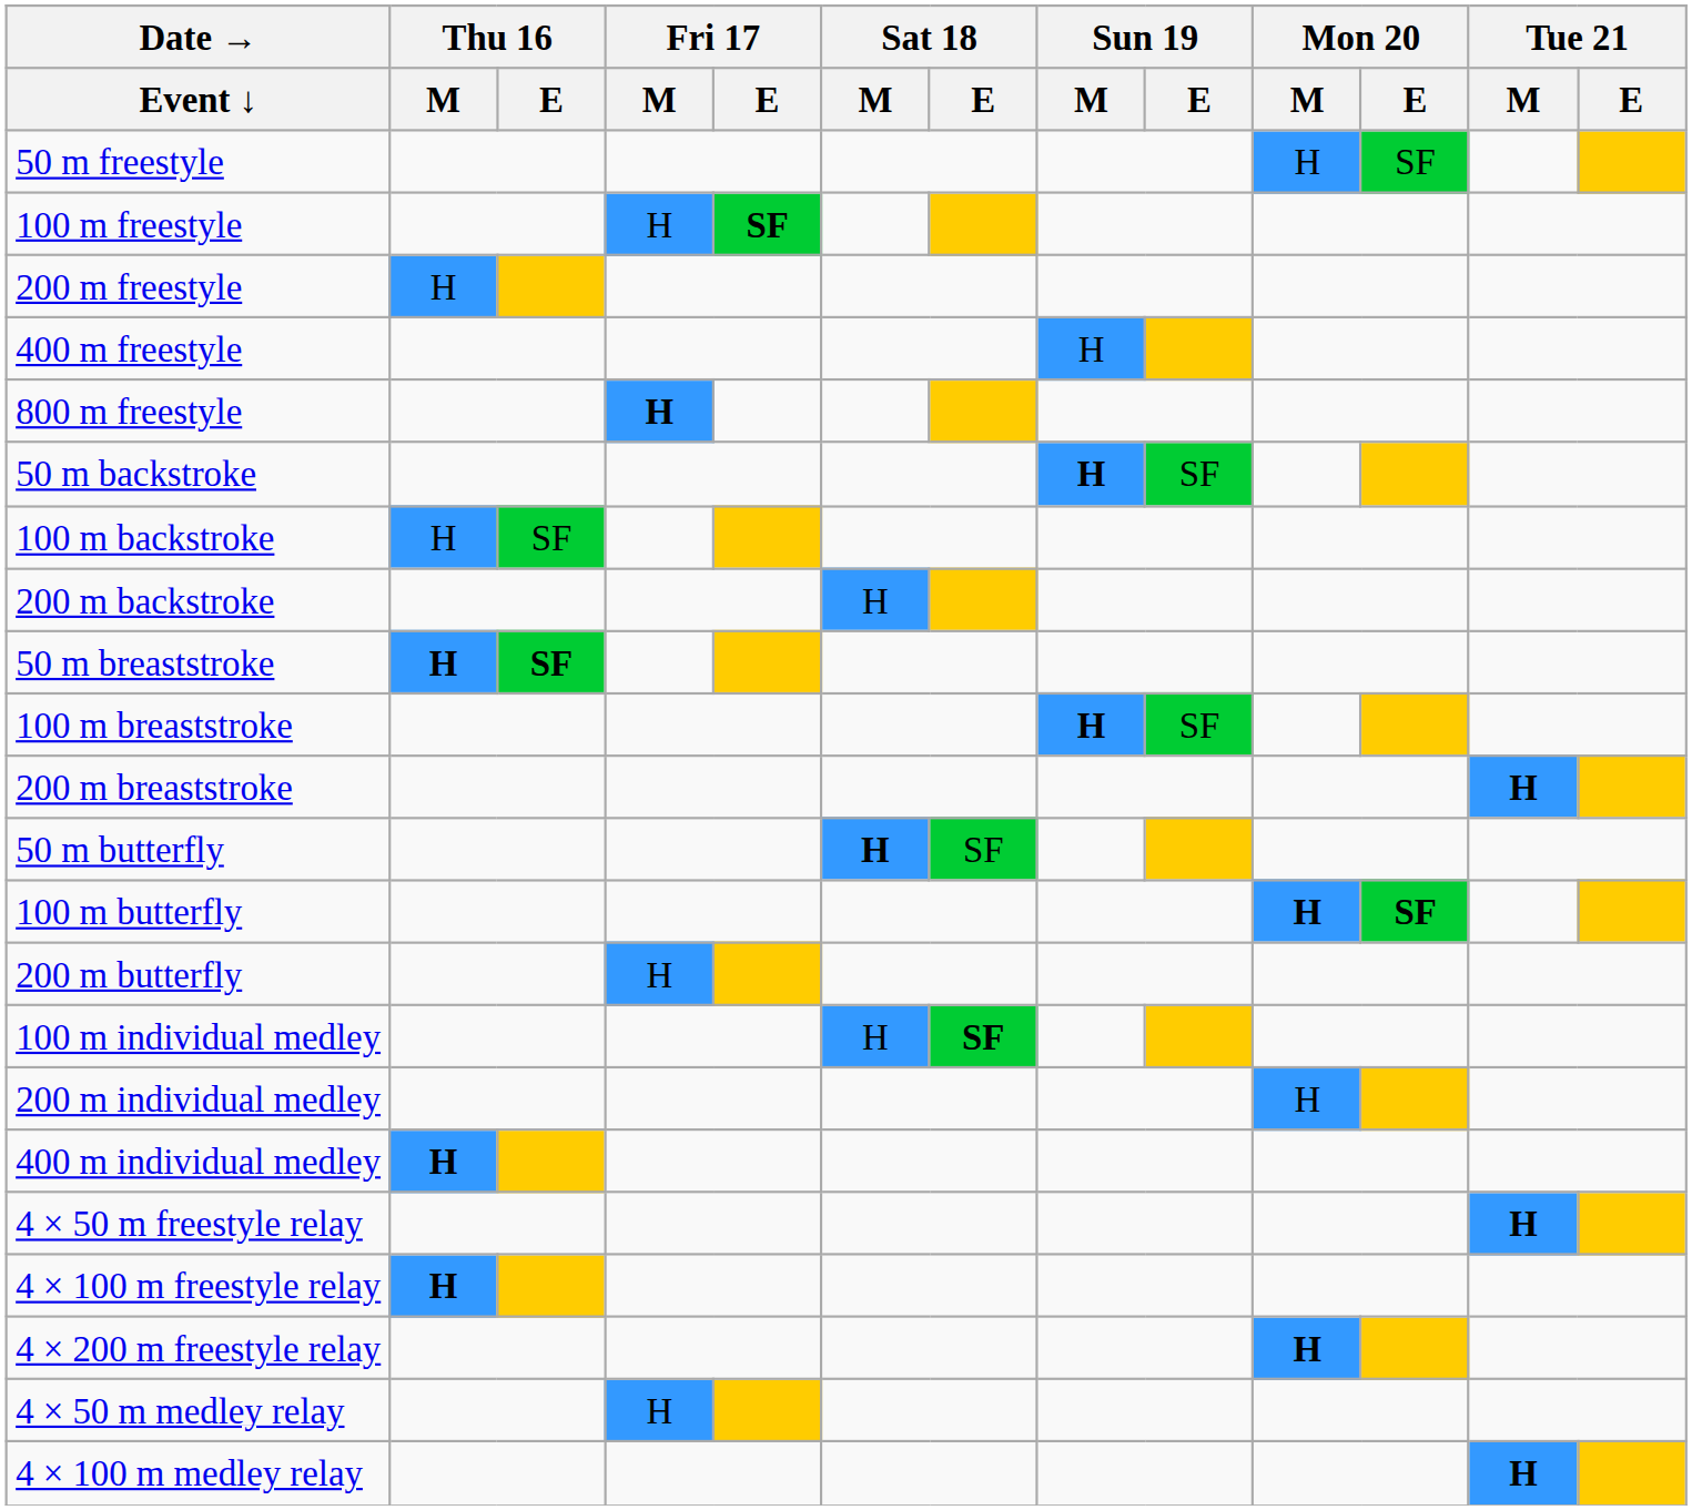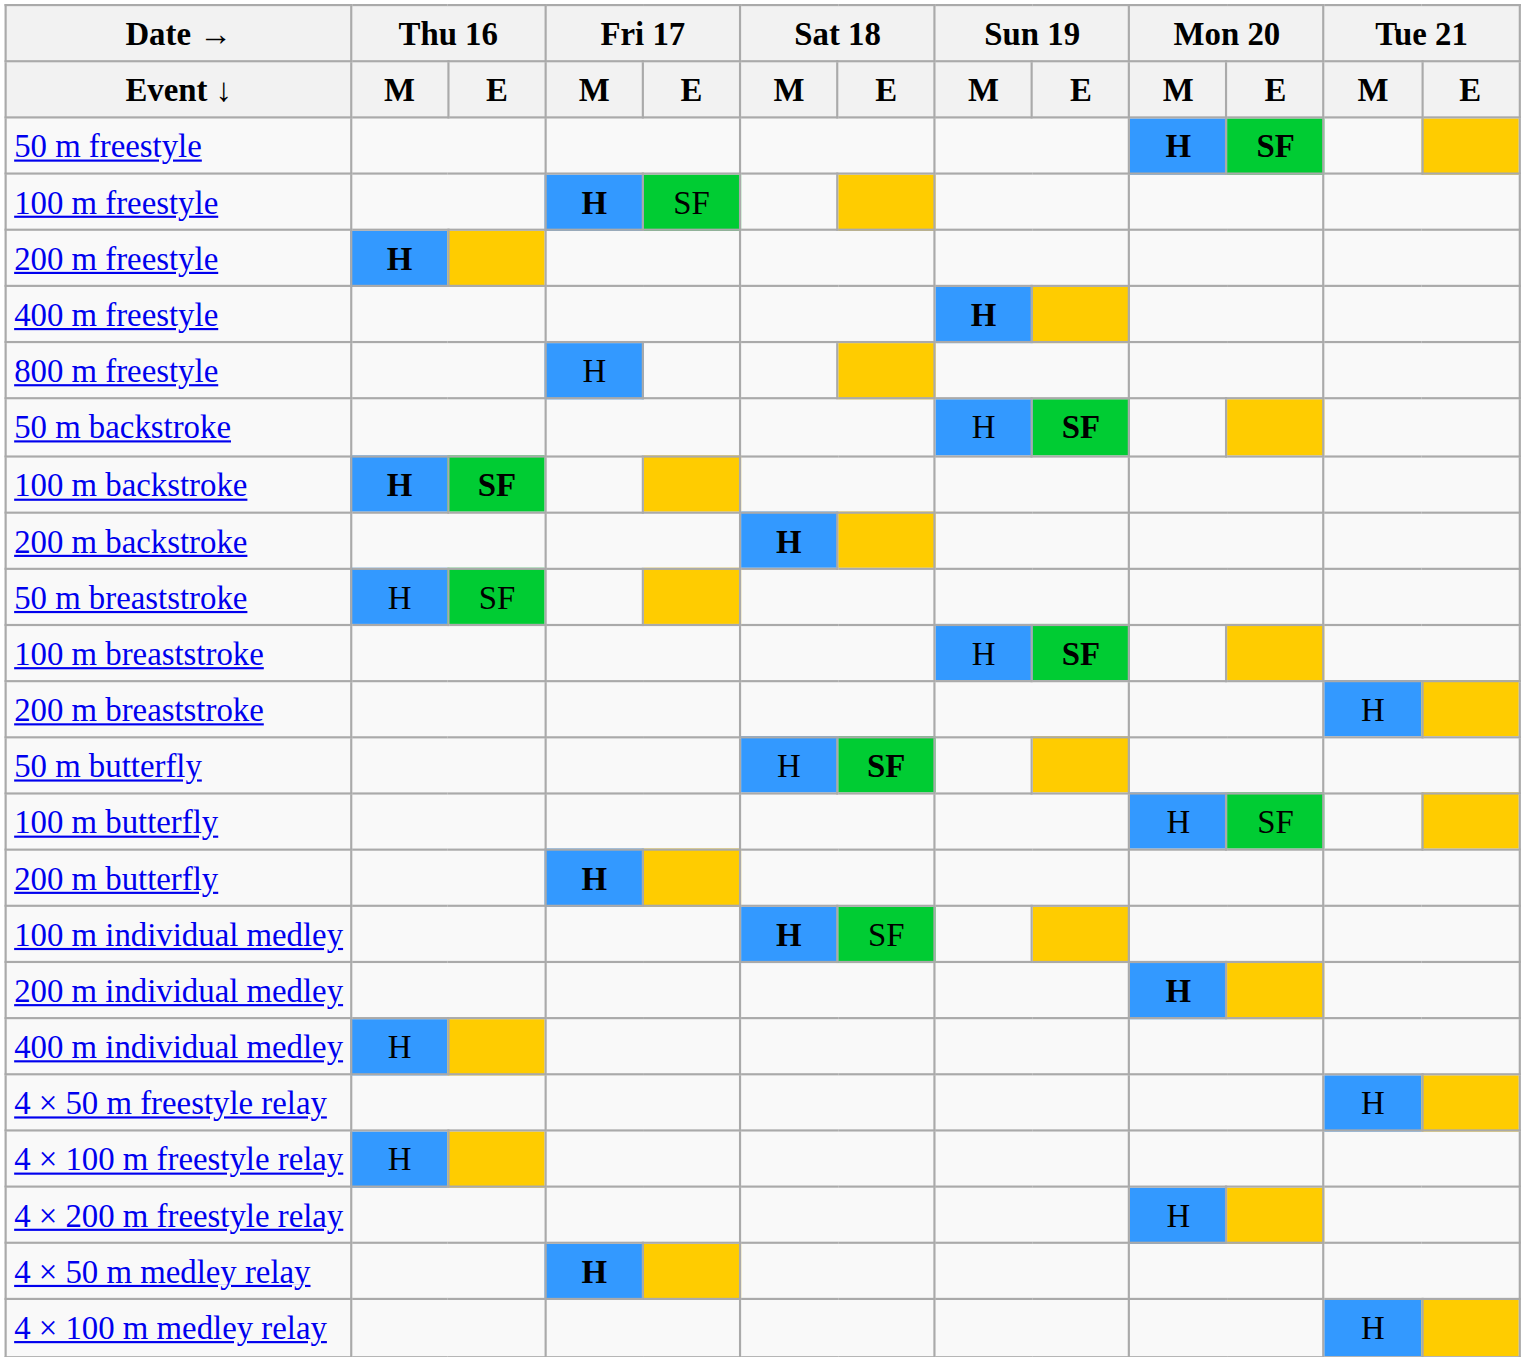 <table class="wikitable" style="margin:0.5em auto; font-size:95%; line-height:1.25em;">
 <tr style="text-align:center;">
 <th>Date →</th>
 <th colspan="2">Thu 16</th>
 <th colspan="2">Fri 17</th>
 <th colspan="2">Sat 18</th>
 <th colspan="2">Sun 19</th>
 <th colspan="2">Mon 20</th>
 <th colspan="2">Tue 21</th>
 </tr>
 <tr>
 <th>Event   ↓</th>
 <th style="width:2.5em;">M</th>
 <th style="width:2.5em;">E</th>
 <th style="width:2.5em;">M</th>
 <th style="width:2.5em;">E</th>
 <th style="width:2.5em;">M</th>
 <th style="width:2.5em;">E</th>
 <th style="width:2.5em;">M</th>
 <th style="width:2.5em;">E</th>
 <th style="width:2.5em;">M</th>
 <th style="width:2.5em;">E</th>
 <th style="width:2.5em;">M</th>
 <th style="width:2.5em;">E</th>
 </tr>
 <tr style="text-align:center;">
 <td style="text-align:left;"><a href='#'>50 m freestyle</a></td>
 <td colspan="2"></td>
 <td colspan="2"></td>
 <td colspan="2"></td>
 <td colspan="2"></td>
-<td style="background-color:#3399ff;">H</td>
-<td style="background-color:#00cc33;">SF</td>
+<td style="background-color:#3399ff;"><strong>H</strong></td>
+<td style="background-color:#00cc33;"><strong>SF</strong></td>
 <td></td>
 <td style="background-color:#ffcc00;"></td>
 </tr>
 <tr style="text-align:center;">
 <td style="text-align:left;"><a href='#'>100 m freestyle</a></td>
 <td colspan="2"></td>
-<td style="background-color:#3399ff;">H</td>
-<td style="background-color:#00cc33;"><strong>SF</strong></td>
+<td style="background-color:#3399ff;"><strong>H</strong></td>
+<td style="background-color:#00cc33;">SF</td>
 <td></td>
 <td style="background-color:#ffcc00;"></td>
 <td colspan="2"></td>
 <td colspan="2"></td>
 <td colspan="2"></td>
 </tr>
 <tr style="text-align:center;">
 <td style="text-align:left;"><a href='#'>200 m freestyle</a></td>
-<td style="background-color:#3399ff;">H</td>
+<td style="background-color:#3399ff;"><strong>H</strong></td>
 <td style="background-color:#ffcc00;"></td>
 <td colspan="2"></td>
 <td colspan="2"></td>
 <td colspan="2"></td>
 <td colspan="2"></td>
 <td colspan="2"></td>
 </tr>
 <tr style="text-align:center;">
 <td style="text-align:left;"><a href='#'>400 m freestyle</a></td>
 <td colspan="2"></td>
 <td colspan="2"></td>
 <td colspan="2"></td>
-<td style="background-color:#3399ff;">H</td>
+<td style="background-color:#3399ff;"><strong>H</strong></td>
 <td style="background-color:#ffcc00;"></td>
 <td colspan="2"></td>
 <td colspan="2"></td>
 </tr>
 <tr style="text-align:center;">
 <td style="text-align:left;"><a href='#'>800 m freestyle</a></td>
 <td colspan="2"></td>
-<td style="background-color:#3399ff;"><strong>H</strong></td>
+<td style="background-color:#3399ff;">H</td>
 <td></td>
 <td></td>
 <td style="background-color:#ffcc00;"></td>
 <td colspan="2"></td>
 <td colspan="2"></td>
 <td colspan="2"></td>
 </tr>
 <tr style="text-align:center;">
 <td style="text-align:left;"><a href='#'>50 m backstroke</a></td>
 <td colspan="2"></td>
 <td colspan="2"></td>
 <td colspan="2"></td>
-<td style="background-color:#3399ff;"><strong>H</strong></td>
-<td style="background-color:#00cc33;">SF</td>
+<td style="background-color:#3399ff;">H</td>
+<td style="background-color:#00cc33;"><strong>SF</strong></td>
 <td></td>
 <td style="background-color:#ffcc00;"></td>
 <td colspan="2"></td>
 </tr>
 <tr style="text-align:center;">
 <td style="text-align:left;"><a href='#'>100 m backstroke</a></td>
-<td style="background-color:#3399ff;">H</td>
-<td style="background-color:#00cc33;">SF</td>
+<td style="background-color:#3399ff;"><strong>H</strong></td>
+<td style="background-color:#00cc33;"><strong>SF</strong></td>
 <td></td>
 <td style="background-color:#ffcc00;"></td>
 <td colspan="2"></td>
 <td colspan="2"></td>
 <td colspan="2"></td>
 <td colspan="2"></td>
 </tr>
 <tr style="text-align:center;">
 <td style="text-align:left;"><a href='#'>200 m backstroke</a></td>
 <td colspan="2"></td>
 <td colspan="2"></td>
-<td style="background-color:#3399ff;">H</td>
+<td style="background-color:#3399ff;"><strong>H</strong></td>
 <td style="background-color:#ffcc00;"></td>
 <td colspan="2"></td>
 <td colspan="2"></td>
 <td colspan="2"></td>
 </tr>
 <tr style="text-align:center;">
 <td style="text-align:left;"><a href='#'>50 m breaststroke</a></td>
-<td style="background-color:#3399ff;"><strong>H</strong></td>
-<td style="background-color:#00cc33;"><strong>SF</strong></td>
+<td style="background-color:#3399ff;">H</td>
+<td style="background-color:#00cc33;">SF</td>
 <td></td>
 <td style="background-color:#ffcc00;"></td>
 <td colspan="2"></td>
 <td colspan="2"></td>
 <td colspan="2"></td>
 <td colspan="2"></td>
 </tr>
 <tr style="text-align:center;">
 <td style="text-align:left;"><a href='#'>100 m breaststroke</a></td>
 <td colspan="2"></td>
 <td colspan="2"></td>
 <td colspan="2"></td>
-<td style="background-color:#3399ff;"><strong>H</strong></td>
-<td style="background-color:#00cc33;">SF</td>
+<td style="background-color:#3399ff;">H</td>
+<td style="background-color:#00cc33;"><strong>SF</strong></td>
 <td></td>
 <td style="background-color:#ffcc00;"></td>
 <td colspan="2"></td>
 </tr>
 <tr style="text-align:center;">
 <td style="text-align:left;"><a href='#'>200 m breaststroke</a></td>
 <td colspan="2"></td>
 <td colspan="2"></td>
 <td colspan="2"></td>
 <td colspan="2"></td>
 <td colspan="2"></td>
-<td style="background-color:#3399ff;"><strong>H</strong></td>
+<td style="background-color:#3399ff;">H</td>
 <td style="background-color:#ffcc00;"></td>
 </tr>
 <tr style="text-align:center;">
 <td style="text-align:left;"><a href='#'>50 m butterfly</a></td>
 <td colspan="2"></td>
 <td colspan="2"></td>
-<td style="background-color:#3399ff;"><strong>H</strong></td>
-<td style="background-color:#00cc33;">SF</td>
+<td style="background-color:#3399ff;">H</td>
+<td style="background-color:#00cc33;"><strong>SF</strong></td>
 <td></td>
 <td style="background-color:#ffcc00;"></td>
 <td colspan="2"></td>
 <td colspan="2"></td>
 </tr>
 <tr style="text-align:center;">
 <td style="text-align:left;"><a href='#'>100 m butterfly</a></td>
 <td colspan="2"></td>
 <td colspan="2"></td>
 <td colspan="2"></td>
 <td colspan="2"></td>
-<td style="background-color:#3399ff;"><strong>H</strong></td>
-<td style="background-color:#00cc33;"><strong>SF</strong></td>
+<td style="background-color:#3399ff;">H</td>
+<td style="background-color:#00cc33;">SF</td>
 <td></td>
 <td style="background-color:#ffcc00;"></td>
 </tr>
 <tr style="text-align:center;">
 <td style="text-align:left;"><a href='#'>200 m butterfly</a></td>
 <td colspan="2"></td>
-<td style="background-color:#3399ff;">H</td>
+<td style="background-color:#3399ff;"><strong>H</strong></td>
 <td style="background-color:#ffcc00;"></td>
 <td colspan="2"></td>
 <td colspan="2"></td>
 <td colspan="2"></td>
 <td colspan="2"></td>
 </tr>
 <tr style="text-align:center;">
 <td style="text-align:left;"><a href='#'>100 m individual medley</a></td>
 <td colspan="2"></td>
 <td colspan="2"></td>
-<td style="background-color:#3399ff;">H</td>
-<td style="background-color:#00cc33;"><strong>SF</strong></td>
+<td style="background-color:#3399ff;"><strong>H</strong></td>
+<td style="background-color:#00cc33;">SF</td>
 <td></td>
 <td style="background-color:#ffcc00;"></td>
 <td colspan="2"></td>
 <td colspan="2"></td>
 </tr>
 <tr style="text-align:center;">
 <td style="text-align:left;"><a href='#'>200 m individual medley</a></td>
 <td colspan="2"></td>
 <td colspan="2"></td>
 <td colspan="2"></td>
 <td colspan="2"></td>
-<td style="background-color:#3399ff;">H</td>
+<td style="background-color:#3399ff;"><strong>H</strong></td>
 <td style="background-color:#ffcc00;"></td>
 <td colspan="2"></td>
 </tr>
 <tr style="text-align:center;">
 <td style="text-align:left;"><a href='#'>400 m individual medley</a></td>
-<td style="background-color:#3399ff;"><strong>H</strong></td>
+<td style="background-color:#3399ff;">H</td>
 <td style="background-color:#ffcc00;"></td>
 <td colspan="2"></td>
 <td colspan="2"></td>
 <td colspan="2"></td>
 <td colspan="2"></td>
 <td colspan="2"></td>
 </tr>
 <tr style="text-align:center;">
 <td style="text-align:left;"><a href='#'>4 × 50 m freestyle relay</a></td>
 <td colspan="2"></td>
 <td colspan="2"></td>
 <td colspan="2"></td>
 <td colspan="2"></td>
 <td colspan="2"></td>
-<td style="background-color:#3399ff;"><strong>H</strong></td>
+<td style="background-color:#3399ff;">H</td>
 <td style="background-color:#ffcc00;"></td>
 </tr>
 <tr style="text-align:center;">
 <td style="text-align:left;"><a href='#'>4 × 100 m freestyle relay</a></td>
-<td style="background-color:#3399ff;"><strong>H</strong></td>
+<td style="background-color:#3399ff;">H</td>
 <td style="background-color:#ffcc00;"></td>
 <td colspan="2"></td>
 <td colspan="2"></td>
 <td colspan="2"></td>
 <td colspan="2"></td>
 <td colspan="2"></td>
 </tr>
 <tr style="text-align:center;">
 <td style="text-align:left;"><a href='#'>4 × 200 m freestyle relay</a></td>
 <td colspan="2"></td>
 <td colspan="2"></td>
 <td colspan="2"></td>
 <td colspan="2"></td>
-<td style="background-color:#3399ff;"><strong>H</strong></td>
+<td style="background-color:#3399ff;">H</td>
 <td style="background-color:#ffcc00;"></td>
 <td colspan="2"></td>
 </tr>
 <tr style="text-align:center;">
 <td style="text-align:left;"><a href='#'>4 × 50 m medley relay</a></td>
 <td colspan="2"></td>
-<td style="background-color:#3399ff;">H</td>
+<td style="background-color:#3399ff;"><strong>H</strong></td>
 <td style="background-color:#ffcc00;"></td>
 <td colspan="2"></td>
 <td colspan="2"></td>
 <td colspan="2"></td>
 <td colspan="2"></td>
 </tr>
 <tr style="text-align:center;">
 <td style="text-align:left;"><a href='#'>4 × 100 m medley relay</a></td>
 <td colspan="2"></td>
 <td colspan="2"></td>
 <td colspan="2"></td>
 <td colspan="2"></td>
 <td colspan="2"></td>
-<td style="background-color:#3399ff;"><strong>H</strong></td>
+<td style="background-color:#3399ff;">H</td>
 <td style="background-color:#ffcc00;"></td>
 </tr>
 </table>
